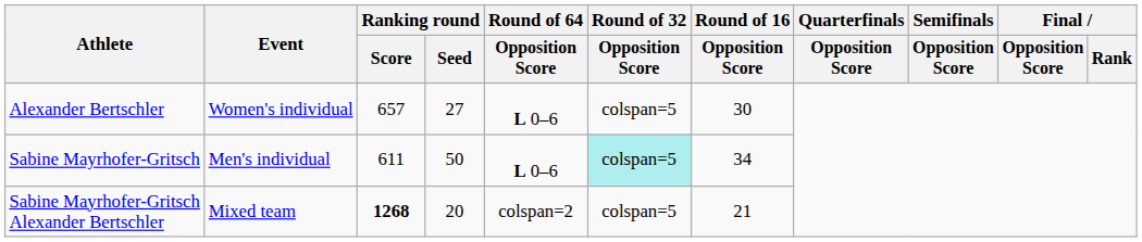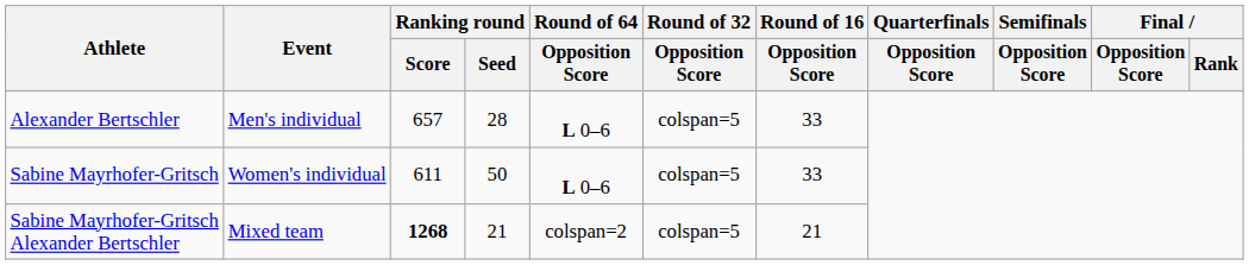 <table class="wikitable" style="font-size:90%">
 <tr>
 <th rowspan=2>Athlete</th>
 <th rowspan=2>Event</th>
 <th colspan=2>Ranking round</th>
 <th>Round of 64</th>
 <th>Round of 32</th>
 <th>Round of 16</th>
 <th>Quarterfinals</th>
 <th>Semifinals</th>
 <th colspan=2>Final / </th>
 </tr>
 <tr style="font-size:95%">
 <th>Score</th>
 <th>Seed</th>
 <th>Opposition<br>Score</th>
 <th>Opposition<br>Score</th>
 <th>Opposition<br>Score</th>
 <th>Opposition<br>Score</th>
 <th>Opposition<br>Score</th>
 <th>Opposition<br>Score</th>
 <th>Rank</th>
 </tr>
 <tr align=center>
 <td align=left><a href='#'>Alexander Bertschler</a></td>
-<td align=left><a href='#'>Women's individual</a></td>
+<td align=left><a href='#'>Men's individual</a></td>
 <td>657</td>
-<td>27</td>
+<td>28</td>
 <td><br><strong>L</strong> 0–6</td>
 <td>colspan=5 </td>
-<td>30</td>
+<td>33</td>
 </tr>
 <tr align=center>
 <td align=left><a href='#'>Sabine Mayrhofer-Gritsch</a></td>
-<td align=left><a href='#'>Men's individual</a></td>
+<td align=left><a href='#'>Women's individual</a></td>
 <td>611</td>
 <td>50</td>
 <td><br> <strong>L</strong> 0–6</td>
-<td style="background: paleturquoise;">colspan=5 </td>
-<td>34</td>
+<td>colspan=5 </td>
+<td>33</td>
 </tr>
 <tr align=center>
 <td align=left><a href='#'>Sabine Mayrhofer-Gritsch</a><br><a href='#'>Alexander Bertschler</a></td>
 <td align=left><a href='#'>Mixed team</a></td>
 <td><strong>1268</strong></td>
-<td>20</td>
+<td>21</td>
 <td>colspan=2 </td>
 <td>colspan=5 </td>
 <td>21</td>
 </tr>
 </table>
